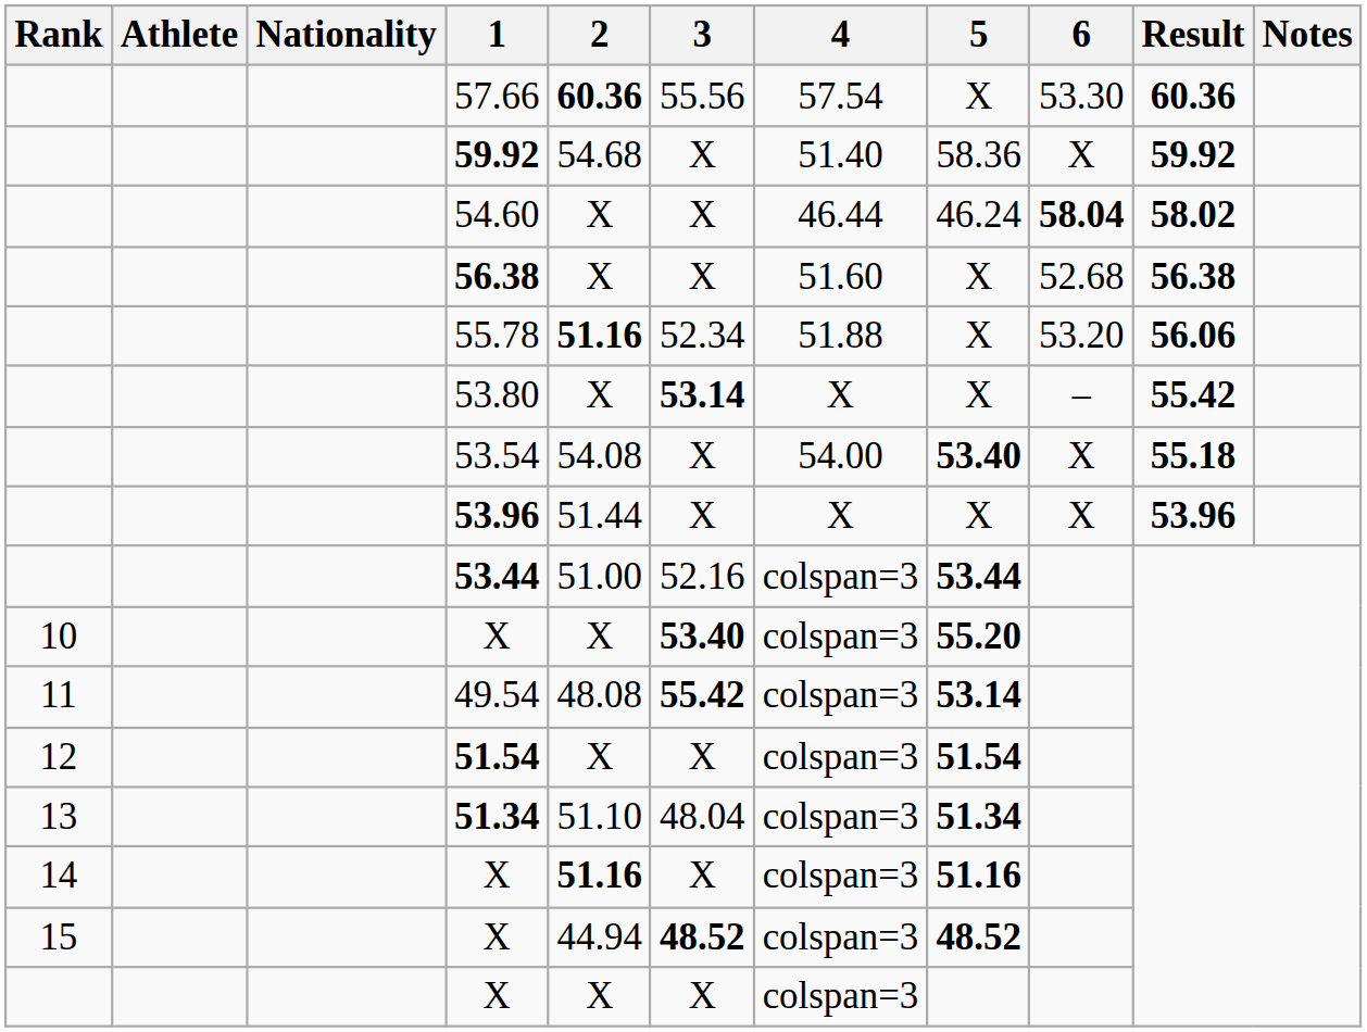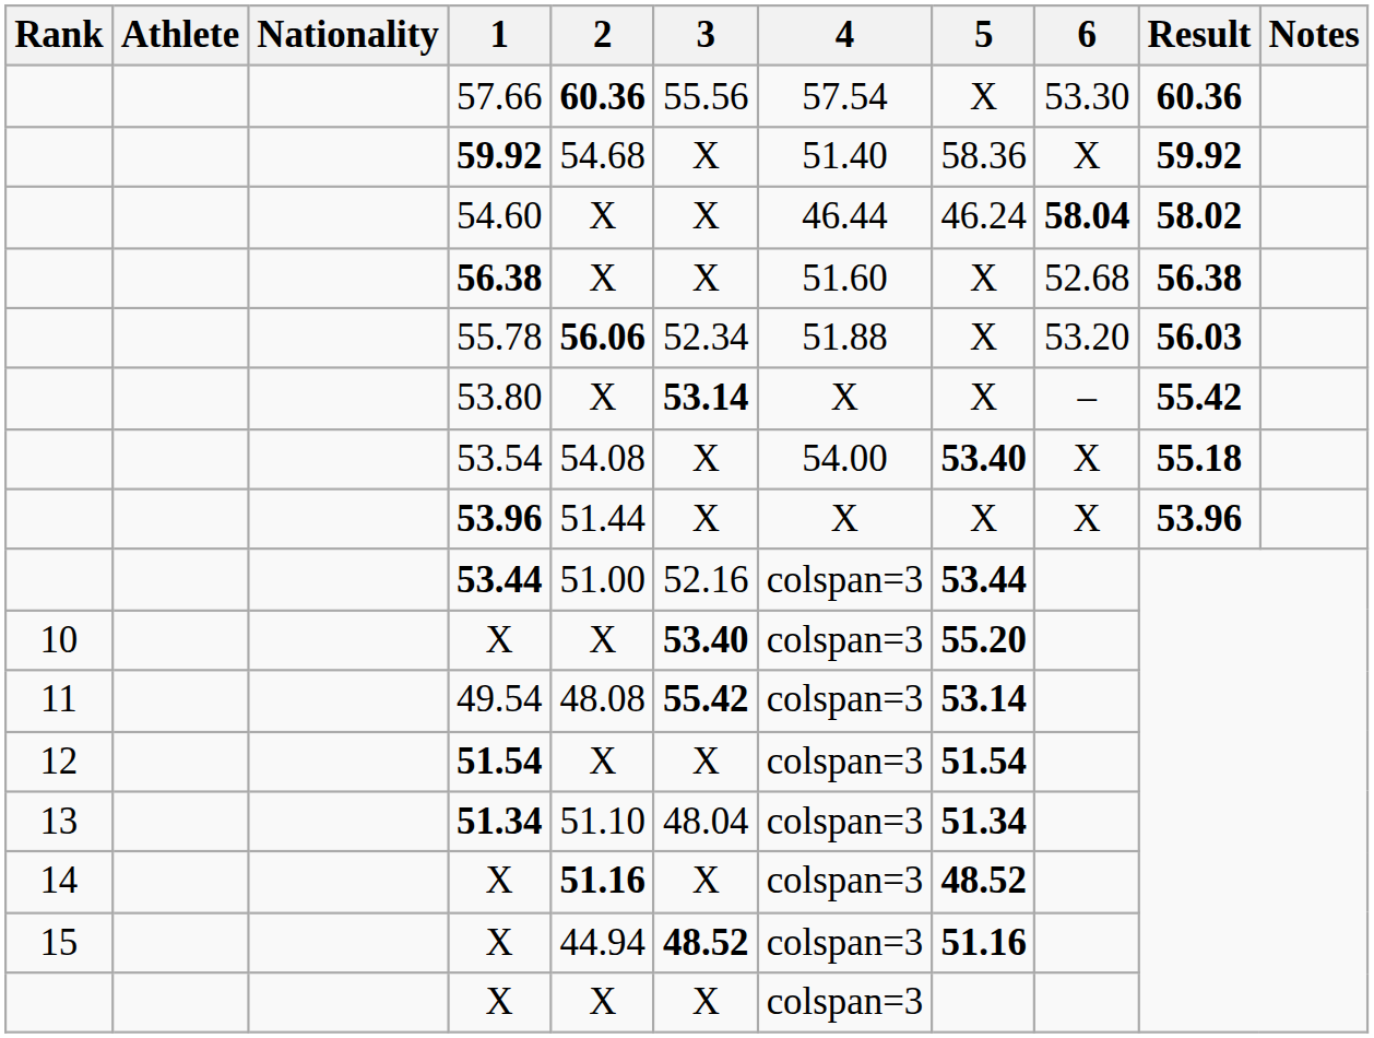 <table class="wikitable sortable" style="text-align:center">
 <tr>
 <th>Rank</th>
 <th>Athlete</th>
 <th>Nationality</th>
 <th>1</th>
 <th>2</th>
 <th>3</th>
 <th>4</th>
 <th>5</th>
 <th>6</th>
 <th>Result</th>
 <th>Notes</th>
 </tr>
 <tr>
 <td></td>
 <td align=left></td>
 <td align=left></td>
 <td>57.66</td>
 <td><strong>60.36</strong></td>
 <td>55.56</td>
 <td>57.54</td>
 <td>X</td>
 <td>53.30</td>
 <td><strong>60.36</strong></td>
 <td></td>
 </tr>
 <tr>
 <td></td>
 <td align=left></td>
 <td align=left></td>
 <td><strong>59.92</strong></td>
 <td>54.68</td>
 <td>X</td>
 <td>51.40</td>
 <td>58.36</td>
 <td>X</td>
 <td><strong>59.92</strong></td>
 <td></td>
 </tr>
 <tr>
 <td></td>
 <td align=left></td>
 <td align=left></td>
 <td>54.60</td>
 <td>X</td>
 <td>X</td>
 <td>46.44</td>
 <td>46.24</td>
 <td><strong>58.04</strong></td>
 <td><strong>58.02</strong></td>
 <td></td>
 </tr>
 <tr>
 <td></td>
 <td align=left></td>
 <td align=left></td>
 <td><strong>56.38</strong></td>
 <td>X</td>
 <td>X</td>
 <td>51.60</td>
 <td>X</td>
 <td>52.68</td>
 <td><strong>56.38</strong></td>
 <td></td>
 </tr>
 <tr>
 <td></td>
 <td align=left></td>
 <td align=left></td>
 <td>55.78</td>
-<td><strong>51.16</strong></td>
+<td><strong>56.06</strong></td>
 <td>52.34</td>
 <td>51.88</td>
 <td>X</td>
 <td>53.20</td>
-<td><strong>56.06</strong></td>
+<td><strong>56.03</strong></td>
 <td></td>
 </tr>
 <tr>
 <td></td>
 <td align=left></td>
 <td align=left></td>
 <td>53.80</td>
 <td>X</td>
 <td><strong>53.14</strong></td>
 <td>X</td>
 <td>X</td>
 <td>–</td>
 <td><strong>55.42</strong></td>
 <td></td>
 </tr>
 <tr>
 <td></td>
 <td align=left></td>
 <td align=left></td>
 <td>53.54</td>
 <td>54.08</td>
 <td>X</td>
 <td>54.00</td>
 <td><strong>53.40</strong></td>
 <td>X</td>
 <td><strong>55.18</strong></td>
 <td></td>
 </tr>
 <tr>
 <td></td>
 <td align=left></td>
 <td align=left></td>
 <td><strong>53.96</strong></td>
 <td>51.44</td>
 <td>X</td>
 <td>X</td>
 <td>X</td>
 <td>X</td>
 <td><strong>53.96</strong></td>
 <td></td>
 </tr>
 <tr>
 <td></td>
 <td align=left></td>
 <td align=left></td>
 <td><strong>53.44</strong></td>
 <td>51.00</td>
 <td>52.16</td>
 <td>colspan=3 </td>
 <td><strong>53.44</strong></td>
 <td></td>
 </tr>
 <tr>
 <td>10</td>
 <td align=left></td>
 <td align=left></td>
 <td>X</td>
 <td>X</td>
 <td><strong>53.40</strong></td>
 <td>colspan=3 </td>
 <td><strong>55.20</strong></td>
 <td></td>
 </tr>
 <tr>
 <td>11</td>
 <td align=left></td>
 <td align=left></td>
 <td>49.54</td>
 <td>48.08</td>
 <td><strong>55.42</strong></td>
 <td>colspan=3 </td>
 <td><strong>53.14</strong></td>
 <td></td>
 </tr>
 <tr>
 <td>12</td>
 <td align=left></td>
 <td align=left></td>
 <td><strong>51.54</strong></td>
 <td>X</td>
 <td>X</td>
 <td>colspan=3 </td>
 <td><strong>51.54</strong></td>
 <td></td>
 </tr>
 <tr>
 <td>13</td>
 <td align=left></td>
 <td align=left></td>
 <td><strong>51.34</strong></td>
 <td>51.10</td>
 <td>48.04</td>
 <td>colspan=3 </td>
 <td><strong>51.34</strong></td>
 <td></td>
 </tr>
 <tr>
 <td>14</td>
 <td align=left></td>
 <td align=left></td>
 <td>X</td>
 <td><strong>51.16</strong></td>
 <td>X</td>
 <td>colspan=3 </td>
-<td><strong>51.16</strong></td>
+<td><strong>48.52</strong></td>
 <td></td>
 </tr>
 <tr>
 <td>15</td>
 <td align=left></td>
 <td align=left></td>
 <td>X</td>
 <td>44.94</td>
 <td><strong>48.52</strong></td>
 <td>colspan=3 </td>
-<td><strong>48.52</strong></td>
+<td><strong>51.16</strong></td>
 <td></td>
 </tr>
 <tr>
 <td></td>
 <td align=left></td>
 <td align=left></td>
 <td>X</td>
 <td>X</td>
 <td>X</td>
 <td>colspan=3 </td>
 <td></td>
 <td></td>
 </tr>
 </table>
